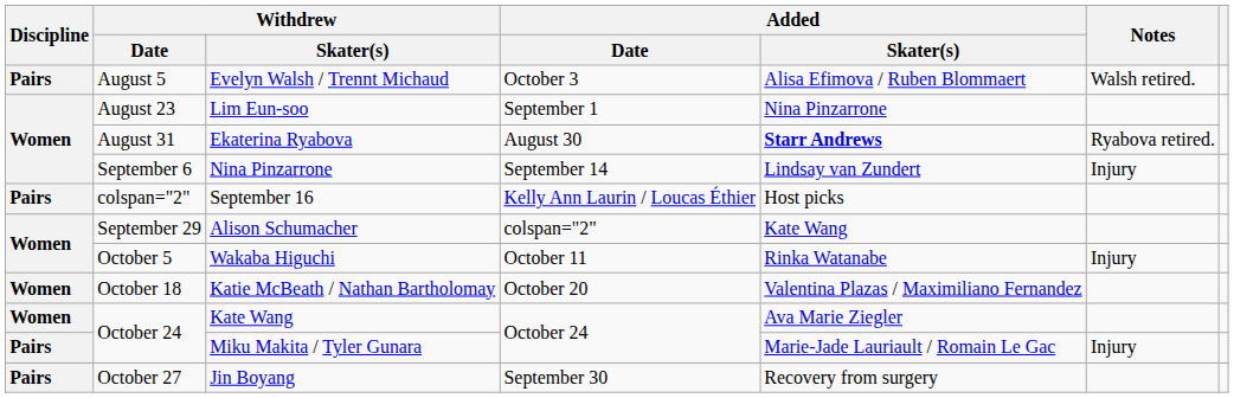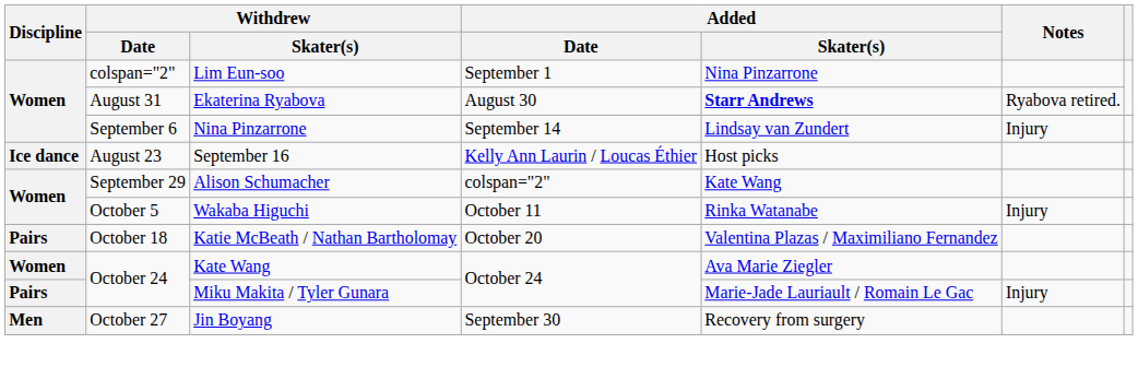 <table class="wikitable unsortable">
 <tr>
 <th scope="col" rowspan=2>Discipline</th>
 <th scope="col" colspan=2>Withdrew</th>
 <th scope="col" colspan=2>Added</th>
 <th scope="col" rowspan=2>Notes</th>
 <th scope="col" rowspan=2></th>
 </tr>
 <tr>
 <th>Date</th>
 <th>Skater(s)</th>
 <th>Date</th>
 <th>Skater(s)</th>
 </tr>
 <tr>
-<th scope="row" style="text-align:left">Pairs</th>
-<td>August 5</td>
-<td> <a href='#'>Evelyn Walsh</a> / <a href='#'>Trennt Michaud</a></td>
-<td>October 3</td>
-<td> <a href='#'>Alisa Efimova</a> / <a href='#'>Ruben Blommaert</a></td>
-<td>Walsh retired.</td>
-<td></td>
-</tr>
-<tr>
 <th scope="row" style="text-align:left" rowspan="3">Women</th>
-<td>August 23</td>
+<td>colspan="2" </td>
 <td> <a href='#'>Lim Eun-soo</a></td>
 <td>September 1</td>
 <td> <a href='#'>Nina Pinzarrone</a></td>
 <td></td>
 <td rowspan = 2></td>
 </tr>
 <tr>
 <td>August 31</td>
 <td> <a href='#'>Ekaterina Ryabova</a></td>
 <td>August 30</td>
 <td><strong> <a href='#'>Starr Andrews</a></strong></td>
 <td>Ryabova retired.</td>
 </tr>
 <tr>
 <td>September 6</td>
 <td> <a href='#'>Nina Pinzarrone</a></td>
 <td>September 14</td>
 <td> <a href='#'>Lindsay van Zundert</a></td>
 <td>Injury</td>
 <td></td>
 </tr>
 <tr>
-<th scope="row" style="text-align:left">Pairs</th>
-<td>colspan="2" </td>
+<th scope="row" style="text-align:left">Ice dance</th>
+<td>August 23</td>
 <td>September 16</td>
 <td> <a href='#'>Kelly Ann Laurin</a> / <a href='#'>Loucas Éthier</a></td>
 <td>Host picks</td>
 <td></td>
 </tr>
 <tr>
 <th scope="row" style="text-align:left" rowspan=2>Women</th>
 <td>September 29</td>
 <td> <a href='#'>Alison Schumacher</a></td>
 <td>colspan="2" </td>
 <td> <a href='#'> Kate Wang</a></td>
 <td></td>
 <td></td>
 </tr>
 <tr>
 <td>October 5</td>
 <td> <a href='#'>Wakaba Higuchi</a></td>
 <td>October 11</td>
 <td> <a href='#'>Rinka Watanabe</a></td>
 <td>Injury</td>
 <td></td>
 </tr>
 <tr>
-<th scope="row" style="text-align:left">Women</th>
+<th scope="row" style="text-align:left">Pairs</th>
 <td>October 18</td>
 <td> <a href='#'>Katie McBeath</a> / <a href='#'>Nathan Bartholomay</a></td>
 <td>October 20</td>
 <td> <a href='#'>Valentina Plazas</a> / <a href='#'>Maximiliano Fernandez</a></td>
 <td></td>
 <td></td>
 </tr>
 <tr>
 <th scope="row" style="text-align:left">Women</th>
 <td rowspan=2>October 24</td>
 <td> <a href='#'>Kate Wang</a></td>
 <td rowspan=2>October 24</td>
 <td> <a href='#'>Ava Marie Ziegler</a></td>
 <td></td>
 <td></td>
 </tr>
 <tr>
 <th scope="row" style="text-align:left">Pairs</th>
 <td> <a href='#'>Miku Makita</a> / <a href='#'>Tyler Gunara</a></td>
 <td> <a href='#'>Marie-Jade Lauriault</a> / <a href='#'>Romain Le Gac</a></td>
 <td>Injury</td>
 <td></td>
 </tr>
 <tr>
-<th scope="row" style="text-align:left">Pairs</th>
+<th scope="row" style="text-align:left">Men</th>
 <td>October 27</td>
 <td> <a href='#'>Jin Boyang</a></td>
 <td>September 30</td>
 <td>Recovery from surgery</td>
 <td></td>
 </tr>
 </table>
